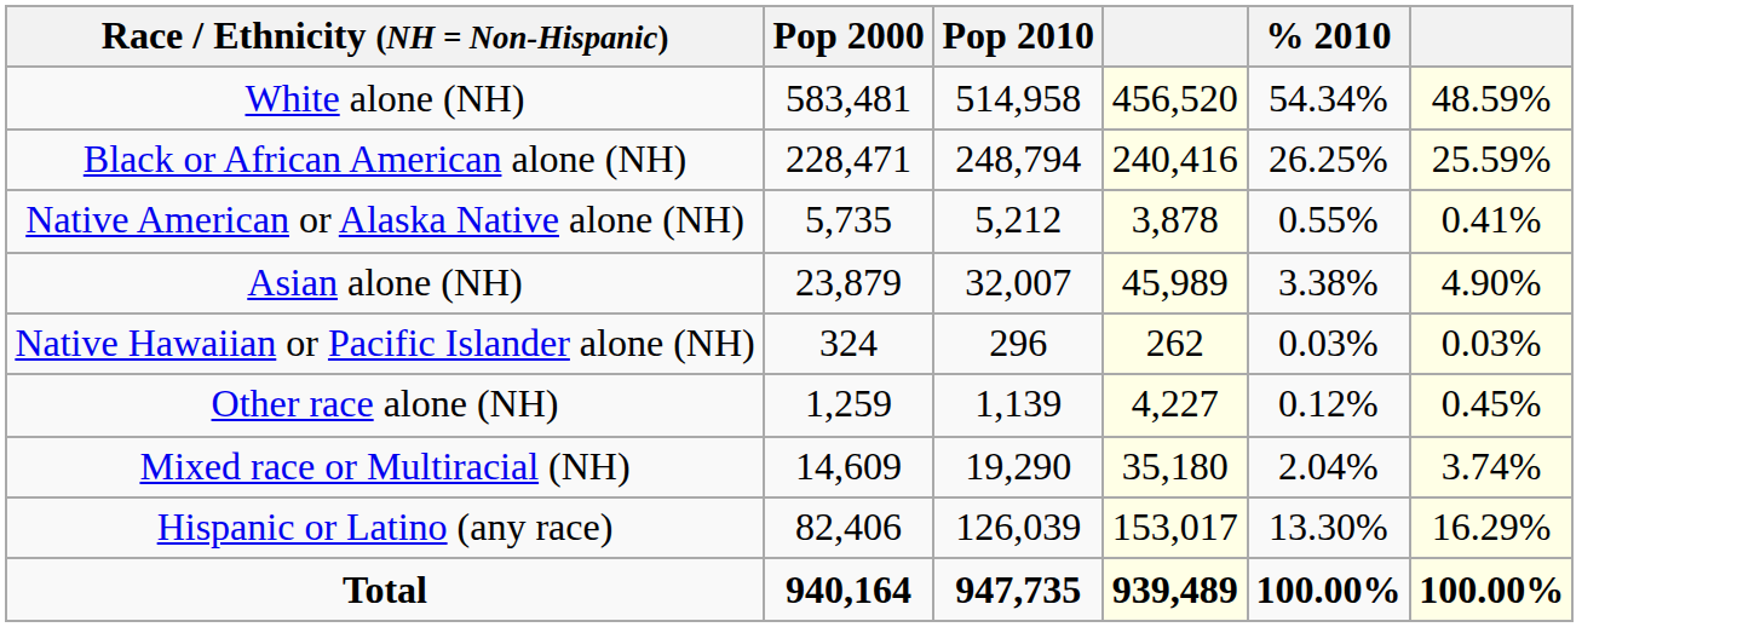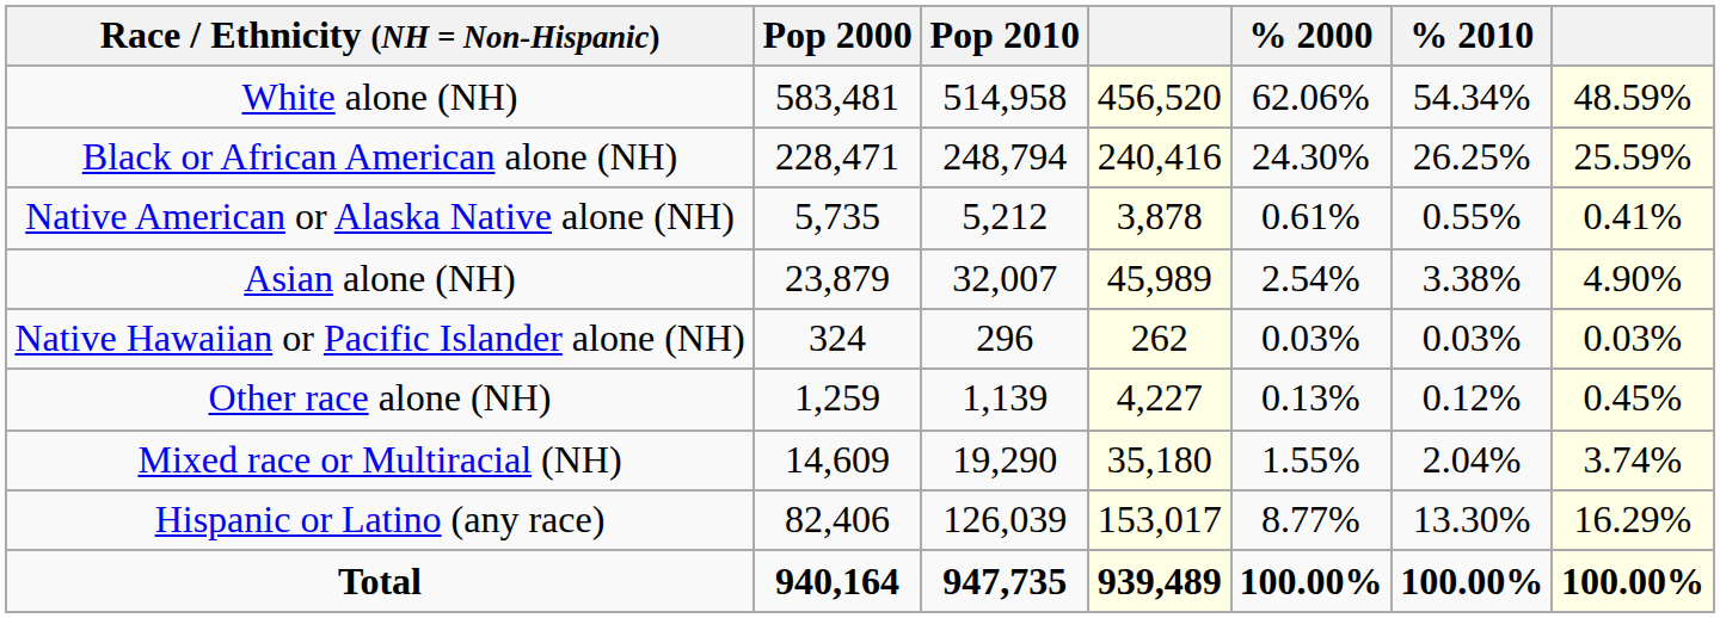 <table class="wikitable" style="text-align:center;">
 <tr>
 <th>Race / Ethnicity <small>(<em>NH = Non-Hispanic</em>)</small></th>
 <th>Pop 2000</th>
 <th>Pop 2010</th>
 <th></th>
+<th>% 2000</th>
 <th>% 2010</th>
 <th></th>
 </tr>
 <tr>
 <td><a href='#'>White</a> alone (NH)</td>
 <td>583,481</td>
 <td>514,958</td>
 <td style='background: #ffffe6;'>456,520</td>
+<td>62.06%</td>
 <td>54.34%</td>
 <td style='background: #ffffe6;'>48.59%</td>
 </tr>
 <tr>
 <td><a href='#'>Black or African American</a> alone (NH)</td>
 <td>228,471</td>
 <td>248,794</td>
 <td style='background: #ffffe6;'>240,416</td>
+<td>24.30%</td>
 <td>26.25%</td>
 <td style='background: #ffffe6;'>25.59%</td>
 </tr>
 <tr>
 <td><a href='#'>Native American</a> or <a href='#'>Alaska Native</a> alone (NH)</td>
 <td>5,735</td>
 <td>5,212</td>
 <td style='background: #ffffe6;'>3,878</td>
+<td>0.61%</td>
 <td>0.55%</td>
 <td style='background: #ffffe6;'>0.41%</td>
 </tr>
 <tr>
 <td><a href='#'>Asian</a> alone (NH)</td>
 <td>23,879</td>
 <td>32,007</td>
 <td style='background: #ffffe6;'>45,989</td>
+<td>2.54%</td>
 <td>3.38%</td>
 <td style='background: #ffffe6;'>4.90%</td>
 </tr>
 <tr>
 <td><a href='#'>Native Hawaiian</a> or <a href='#'>Pacific Islander</a> alone (NH)</td>
 <td>324</td>
 <td>296</td>
 <td style='background: #ffffe6;'>262</td>
 <td>0.03%</td>
+<td>0.03%</td>
 <td style='background: #ffffe6;'>0.03%</td>
 </tr>
 <tr>
 <td><a href='#'>Other race</a> alone (NH)</td>
 <td>1,259</td>
 <td>1,139</td>
 <td style='background: #ffffe6;'>4,227</td>
+<td>0.13%</td>
 <td>0.12%</td>
 <td style='background: #ffffe6;'>0.45%</td>
 </tr>
 <tr>
 <td><a href='#'>Mixed race or Multiracial</a> (NH)</td>
 <td>14,609</td>
 <td>19,290</td>
 <td style='background: #ffffe6;'>35,180</td>
+<td>1.55%</td>
 <td>2.04%</td>
 <td style='background: #ffffe6;'>3.74%</td>
 </tr>
 <tr>
 <td><a href='#'>Hispanic or Latino</a> (any race)</td>
 <td>82,406</td>
 <td>126,039</td>
 <td style='background: #ffffe6;'>153,017</td>
+<td>8.77%</td>
 <td>13.30%</td>
 <td style='background: #ffffe6;'>16.29%</td>
 </tr>
 <tr>
 <td><strong>Total</strong></td>
 <td><strong>940,164</strong></td>
 <td><strong>947,735</strong></td>
 <td style='background: #ffffe6;'><strong>939,489</strong></td>
 <td><strong>100.00%</strong></td>
+<td><strong>100.00%</strong></td>
 <td style='background: #ffffe6;'><strong>100.00%</strong></td>
 </tr>
 </table>
